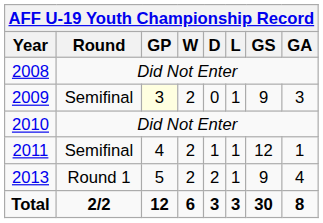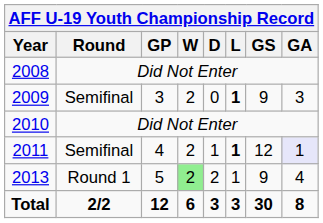 <table class="wikitable" style="text-align: center;font-size:89%;">
 <tr>
 <th colspan=8><a href='#'>AFF U-19 Youth Championship Record</a></th>
 </tr>
 <tr>
 <th>Year</th>
 <th>Round</th>
 <th>GP</th>
 <th>W</th>
 <th>D</th>
 <th>L</th>
 <th>GS</th>
 <th>GA</th>
 </tr>
 <tr>
 <td> <a href='#'>2008</a></td>
 <td colspan="7"><em>Did Not Enter</em></td>
 </tr>
 <tr>
 <td> <a href='#'>2009</a></td>
 <td>Semifinal</td>
-<td style="background: lightyellow;">3</td>
+<td>3</td>
 <td>2</td>
 <td>0</td>
-<td>1</td>
+<td><strong>1</strong></td>
 <td>9</td>
 <td>3</td>
 </tr>
 <tr>
 <td> <a href='#'>2010</a></td>
 <td colspan="7"><em>Did Not Enter</em></td>
 </tr>
 <tr>
 <td> <a href='#'>2011</a></td>
 <td>Semifinal</td>
 <td>4</td>
 <td>2</td>
 <td>1</td>
-<td>1</td>
+<td><strong>1</strong></td>
 <td>12</td>
-<td>1</td>
+<td style="background: lavender;">1</td>
 </tr>
 <tr>
 <td> <a href='#'>2013</a></td>
 <td>Round 1</td>
 <td>5</td>
-<td>2</td>
+<td style="background: lightgreen;">2</td>
 <td>2</td>
 <td>1</td>
 <td>9</td>
 <td>4</td>
 </tr>
 <tr>
 <td><strong>Total</strong></td>
 <td><strong>2/2</strong></td>
 <td><strong>12</strong></td>
 <td><strong>6</strong></td>
 <td><strong>3</strong></td>
 <td><strong>3</strong></td>
 <td><strong>30</strong></td>
 <td><strong>8</strong></td>
 </tr>
 </table>
